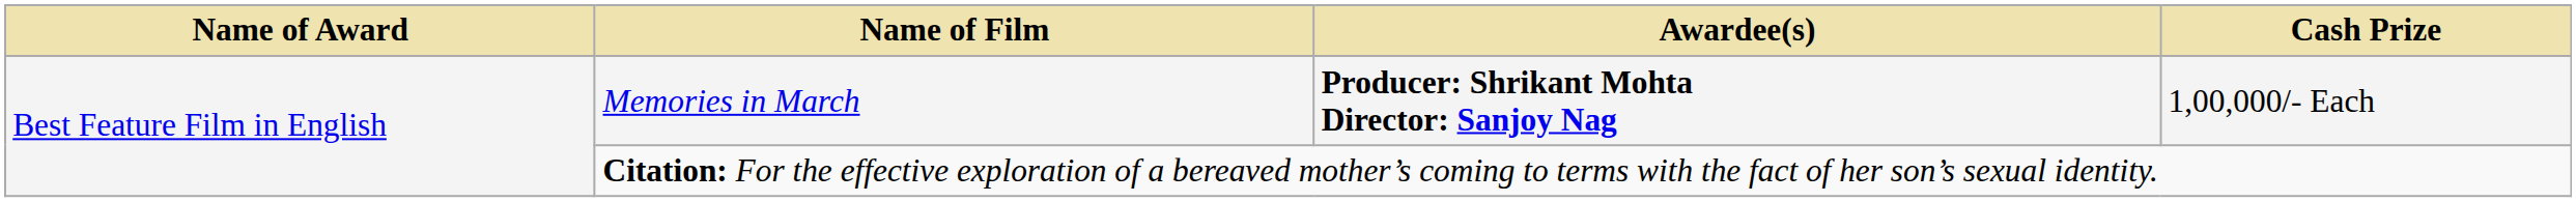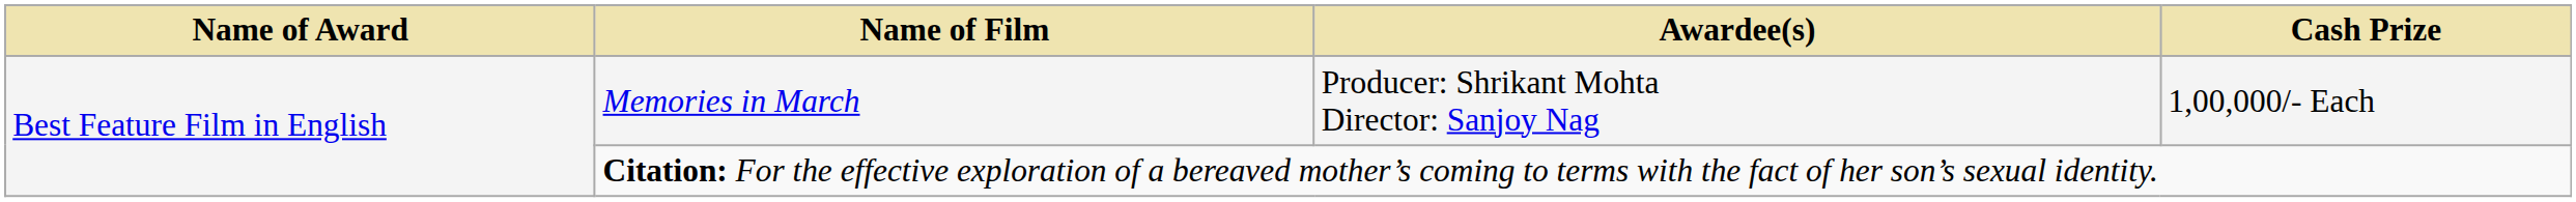 <table class="wikitable" style="width:100%">
 <tr>
 <th style="background-color:#EFE4B0;width:23%;">Name of Award</th>
 <th style="background-color:#EFE4B0;width:28%;">Name of Film</th>
 <th style="background-color:#EFE4B0;width:33%;">Awardee(s)</th>
 <th style="background-color:#EFE4B0;width:16%;">Cash Prize</th>
 </tr>
 <tr style="background-color:#F4F4F4">
 <td rowspan="2"><a href='#'>Best Feature Film in English</a></td>
 <td><em><a href='#'>Memories in March</a></em></td>
-<td><strong>Producer: Shrikant Mohta<br>Director: <a href='#'>Sanjoy Nag</a></strong></td>
+<td>Producer: Shrikant Mohta<br>Director: <a href='#'>Sanjoy Nag</a></td>
 <td> 1,00,000/- Each</td>
 </tr>
 <tr style="background-color:#F9F9F9">
 <td colspan="3"><strong>Citation:</strong> <em>For the effective exploration of a bereaved mother’s coming to terms with the fact of her son’s sexual identity.</em></td>
 </tr>
 </table>
